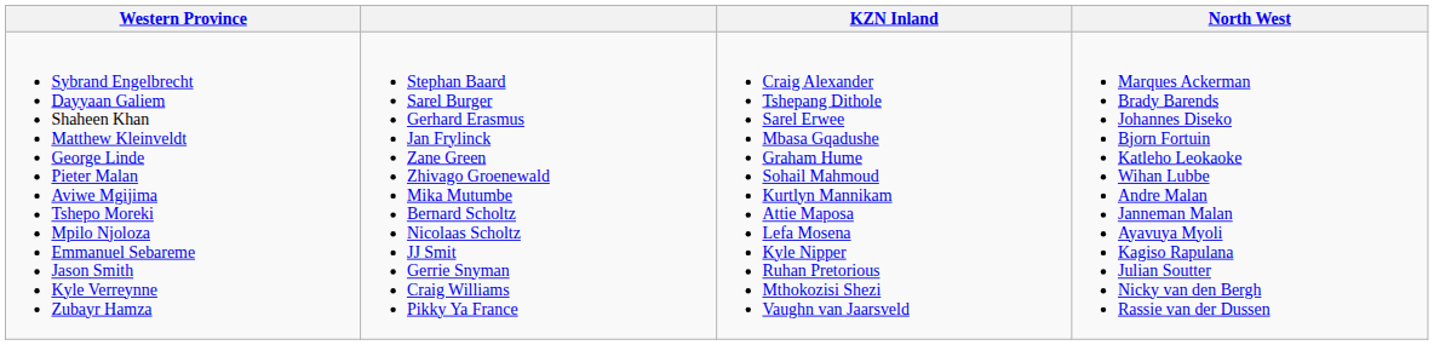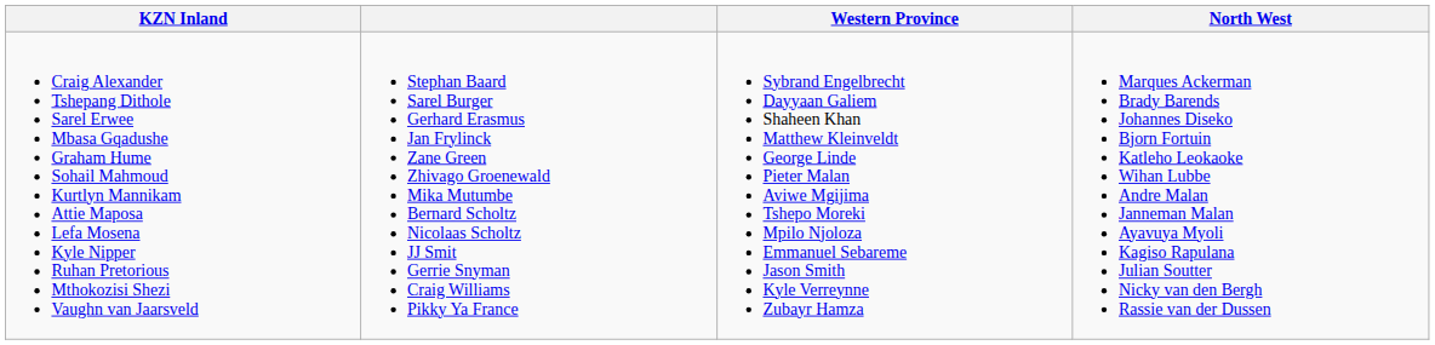 <table class="wikitable">
 <tr>
+<th width=330> <a href='#'>KZN Inland</a></th>
+<th width=330></th>
 <th width=330> <a href='#'>Western Province</a></th>
-<th width=330></th>
-<th width=330> <a href='#'>KZN Inland</a></th>
 <th width=330> <a href='#'>North West</a></th>
 </tr>
 <tr>
+<td valign=top><br><ul><li><a href='#'>Craig Alexander</a></li><li><a href='#'>Tshepang Dithole</a></li><li><a href='#'>Sarel Erwee</a></li><li><a href='#'>Mbasa Gqadushe</a></li><li><a href='#'>Graham Hume</a></li><li><a href='#'>Sohail Mahmoud</a></li><li><a href='#'>Kurtlyn Mannikam</a></li><li><a href='#'>Attie Maposa</a></li><li><a href='#'>Lefa Mosena</a></li><li><a href='#'>Kyle Nipper</a></li><li><a href='#'>Ruhan Pretorious</a></li><li><a href='#'>Mthokozisi Shezi</a></li><li><a href='#'>Vaughn van Jaarsveld</a></li></ul></td>
+<td valign=top><br><ul><li><a href='#'>Stephan Baard</a></li><li><a href='#'>Sarel Burger</a></li><li><a href='#'>Gerhard Erasmus</a></li><li><a href='#'>Jan Frylinck</a></li><li><a href='#'>Zane Green</a></li><li><a href='#'>Zhivago Groenewald</a></li><li><a href='#'>Mika Mutumbe</a></li><li><a href='#'>Bernard Scholtz</a></li><li><a href='#'>Nicolaas Scholtz</a></li><li><a href='#'>JJ Smit</a></li><li><a href='#'>Gerrie Snyman</a></li><li><a href='#'>Craig Williams</a></li><li><a href='#'>Pikky Ya France</a></li></ul></td>
 <td valign=top><br><ul><li><a href='#'>Sybrand Engelbrecht</a></li><li><a href='#'>Dayyaan Galiem</a></li><li>Shaheen Khan</li><li><a href='#'>Matthew Kleinveldt</a></li><li><a href='#'>George Linde</a></li><li><a href='#'>Pieter Malan</a></li><li><a href='#'>Aviwe Mgijima</a></li><li><a href='#'>Tshepo Moreki</a></li><li><a href='#'>Mpilo Njoloza</a></li><li><a href='#'>Emmanuel Sebareme</a></li><li><a href='#'>Jason Smith</a></li><li><a href='#'>Kyle Verreynne</a></li><li><a href='#'>Zubayr Hamza</a></li></ul></td>
-<td valign=top><br><ul><li><a href='#'>Stephan Baard</a></li><li><a href='#'>Sarel Burger</a></li><li><a href='#'>Gerhard Erasmus</a></li><li><a href='#'>Jan Frylinck</a></li><li><a href='#'>Zane Green</a></li><li><a href='#'>Zhivago Groenewald</a></li><li><a href='#'>Mika Mutumbe</a></li><li><a href='#'>Bernard Scholtz</a></li><li><a href='#'>Nicolaas Scholtz</a></li><li><a href='#'>JJ Smit</a></li><li><a href='#'>Gerrie Snyman</a></li><li><a href='#'>Craig Williams</a></li><li><a href='#'>Pikky Ya France</a></li></ul></td>
-<td valign=top><br><ul><li><a href='#'>Craig Alexander</a></li><li><a href='#'>Tshepang Dithole</a></li><li><a href='#'>Sarel Erwee</a></li><li><a href='#'>Mbasa Gqadushe</a></li><li><a href='#'>Graham Hume</a></li><li><a href='#'>Sohail Mahmoud</a></li><li><a href='#'>Kurtlyn Mannikam</a></li><li><a href='#'>Attie Maposa</a></li><li><a href='#'>Lefa Mosena</a></li><li><a href='#'>Kyle Nipper</a></li><li><a href='#'>Ruhan Pretorious</a></li><li><a href='#'>Mthokozisi Shezi</a></li><li><a href='#'>Vaughn van Jaarsveld</a></li></ul></td>
 <td valign=top><br><ul><li><a href='#'>Marques Ackerman</a></li><li><a href='#'>Brady Barends</a></li><li><a href='#'>Johannes Diseko</a></li><li><a href='#'>Bjorn Fortuin</a></li><li><a href='#'>Katleho Leokaoke</a></li><li><a href='#'>Wihan Lubbe</a></li><li><a href='#'>Andre Malan</a></li><li><a href='#'>Janneman Malan</a></li><li><a href='#'>Ayavuya Myoli</a></li><li><a href='#'>Kagiso Rapulana</a></li><li><a href='#'>Julian Soutter</a></li><li><a href='#'>Nicky van den Bergh</a></li><li><a href='#'>Rassie van der Dussen</a></li></ul></td>
 </tr>
 </table>
